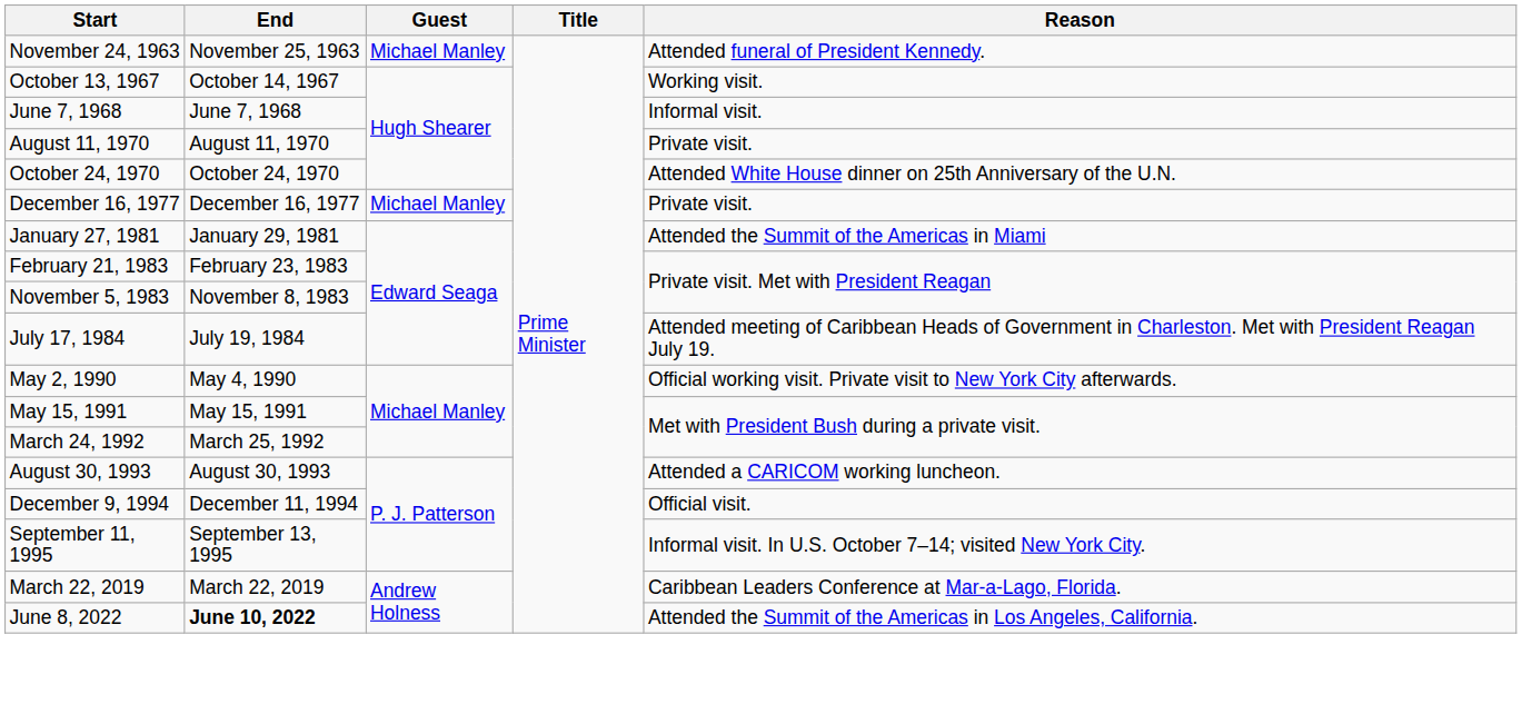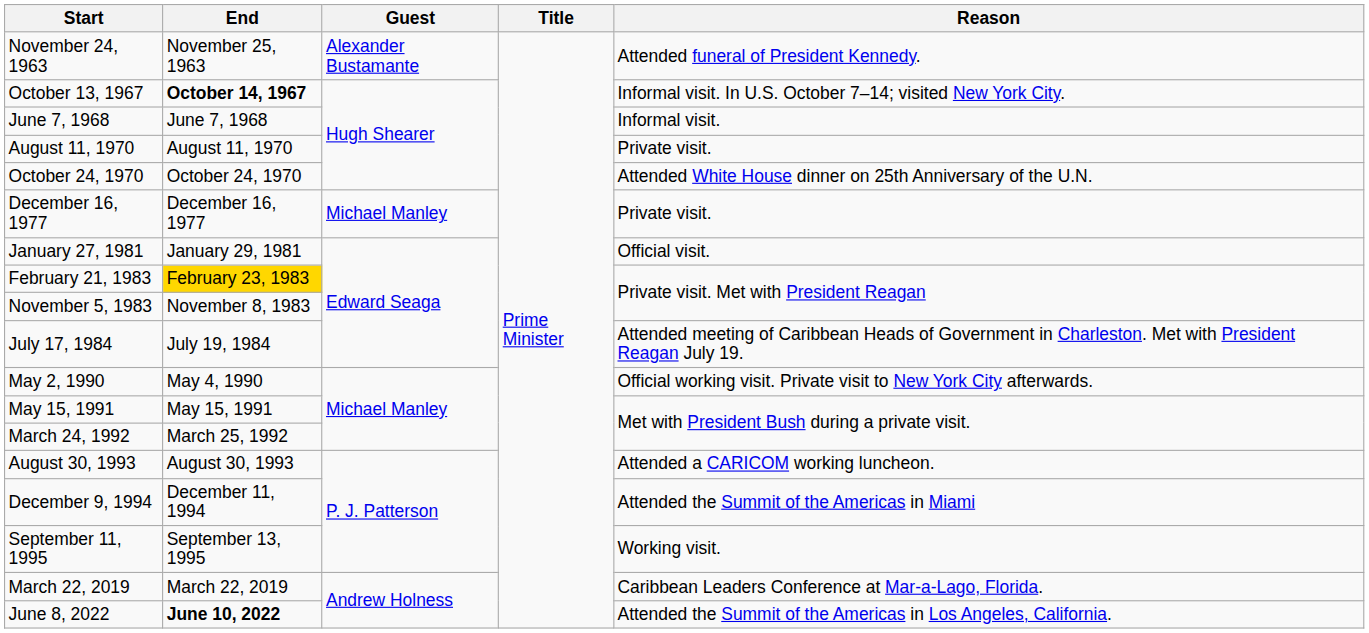 <table class="wikitable sortable">
 <tr>
 <th>Start</th>
 <th>End</th>
 <th>Guest</th>
 <th>Title</th>
 <th>Reason</th>
 </tr>
 <tr>
 <td>November 24, 1963</td>
 <td>November 25, 1963</td>
-<td><a href='#'>Michael Manley</a></td>
+<td><a href='#'>Alexander Bustamante</a></td>
 <td rowspan=18><a href='#'>Prime Minister</a></td>
 <td>Attended <a href='#'>funeral of President Kennedy</a>.</td>
 </tr>
 <tr>
 <td>October 13, 1967</td>
-<td>October 14, 1967</td>
+<td><strong>October 14, 1967</strong></td>
 <td rowspan=4><a href='#'>Hugh Shearer</a></td>
-<td>Working visit.</td>
+<td>Informal visit. In U.S. October 7–14; visited <a href='#'>New York City</a>.</td>
 </tr>
 <tr>
 <td>June 7, 1968</td>
 <td>June 7, 1968</td>
 <td>Informal visit.</td>
 </tr>
 <tr>
 <td>August 11, 1970</td>
 <td>August 11, 1970</td>
 <td>Private visit.</td>
 </tr>
 <tr>
 <td>October 24, 1970</td>
 <td>October 24, 1970</td>
 <td>Attended <a href='#'>White House</a> dinner on 25th Anniversary of the U.N.</td>
 </tr>
 <tr>
 <td>December 16, 1977</td>
 <td>December 16, 1977</td>
 <td><a href='#'>Michael Manley</a></td>
 <td>Private visit.</td>
 </tr>
 <tr>
 <td>January 27, 1981</td>
 <td>January 29, 1981</td>
 <td rowspan=4><a href='#'>Edward Seaga</a></td>
-<td>Attended the <a href='#'>Summit of the Americas</a> in <a href='#'>Miami</a></td>
+<td>Official visit.</td>
 </tr>
 <tr>
 <td>February 21, 1983</td>
-<td>February 23, 1983</td>
+<td style="background: gold;">February 23, 1983</td>
 <td rowspan=2>Private visit. Met with <a href='#'>President Reagan</a></td>
 </tr>
 <tr>
 <td>November 5, 1983</td>
 <td>November 8, 1983</td>
 </tr>
 <tr>
 <td>July 17, 1984</td>
 <td>July 19, 1984</td>
 <td>Attended meeting of Caribbean Heads of Government in <a href='#'>Charleston</a>. Met with <a href='#'>President Reagan</a> July 19.</td>
 </tr>
 <tr>
 <td>May 2, 1990</td>
 <td>May 4, 1990</td>
 <td rowspan=3><a href='#'>Michael Manley</a></td>
 <td>Official working visit. Private visit to <a href='#'>New York City</a> afterwards.</td>
 </tr>
 <tr>
 <td>May 15, 1991</td>
 <td>May 15, 1991</td>
 <td rowspan=2>Met with <a href='#'>President Bush</a> during a private visit.</td>
 </tr>
 <tr>
 <td>March 24, 1992</td>
 <td>March 25, 1992</td>
 </tr>
 <tr>
 <td>August 30, 1993</td>
 <td>August 30, 1993</td>
 <td rowspan=3><a href='#'>P. J. Patterson</a></td>
 <td>Attended a <a href='#'>CARICOM</a> working luncheon.</td>
 </tr>
 <tr>
 <td>December 9, 1994</td>
 <td>December 11, 1994</td>
-<td>Official visit.</td>
+<td>Attended the <a href='#'>Summit of the Americas</a> in <a href='#'>Miami</a></td>
 </tr>
 <tr>
 <td>September 11, 1995</td>
 <td>September 13, 1995</td>
-<td>Informal visit. In U.S. October 7–14; visited <a href='#'>New York City</a>.</td>
+<td>Working visit.</td>
 </tr>
 <tr>
 <td>March 22, 2019</td>
 <td>March 22, 2019</td>
 <td rowspan=2><a href='#'>Andrew Holness</a></td>
 <td>Caribbean Leaders Conference at <a href='#'>Mar-a-Lago, Florida</a>.</td>
 </tr>
 <tr>
 <td>June 8, 2022</td>
 <td><strong>June 10, 2022</strong></td>
 <td>Attended the <a href='#'>Summit of the Americas</a> in <a href='#'>Los Angeles, California</a>.</td>
 </tr>
 </table>
